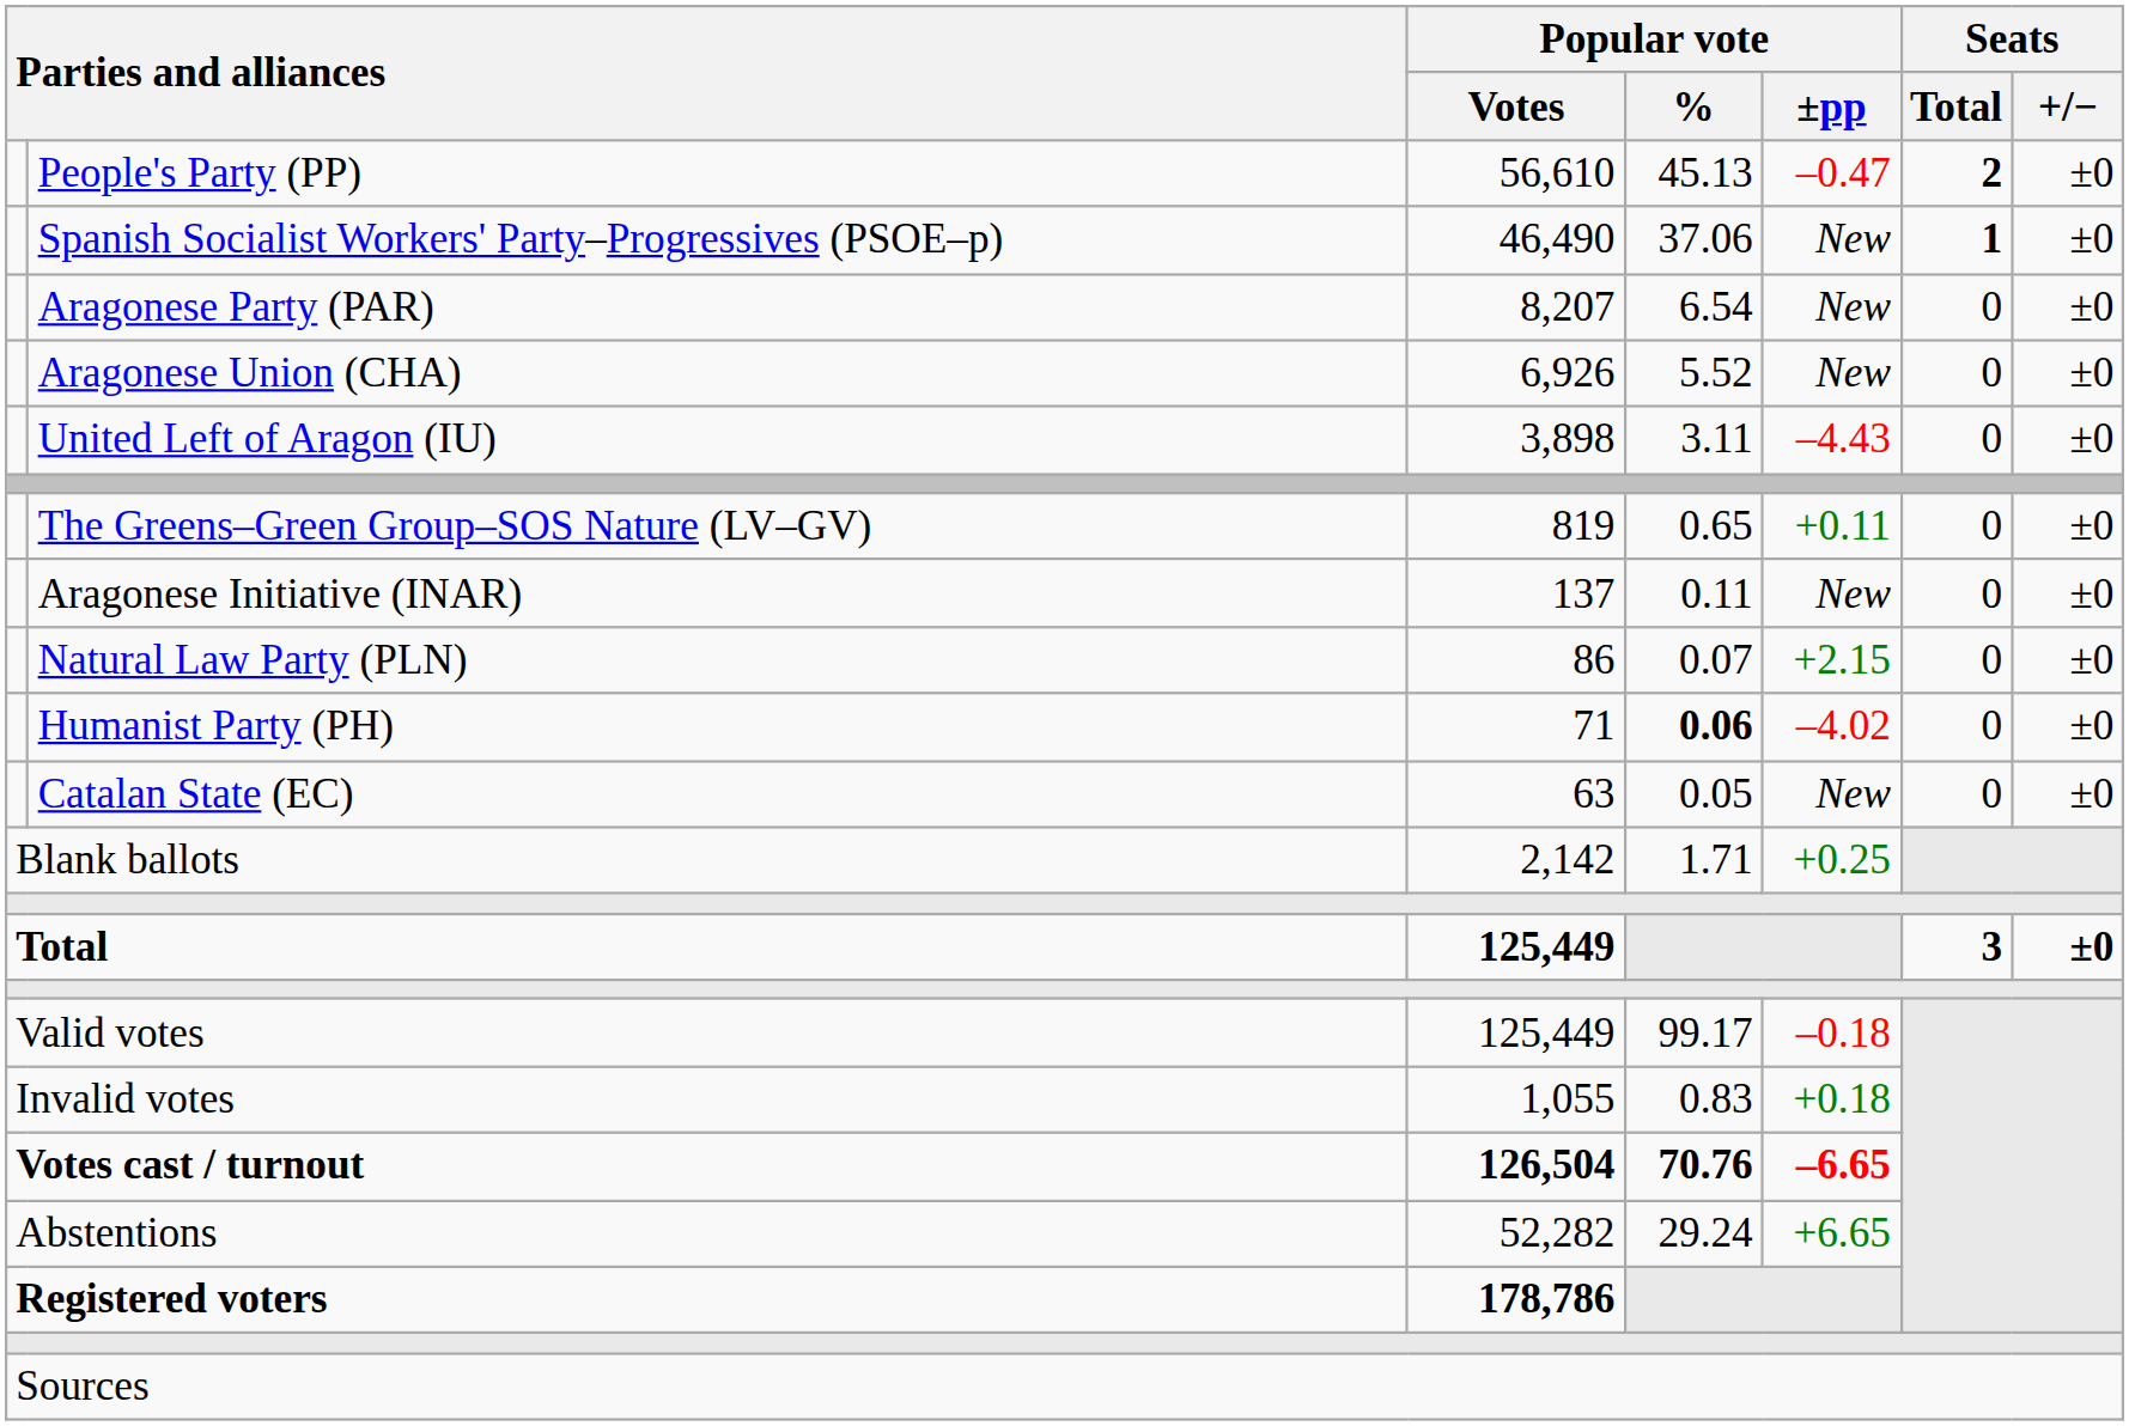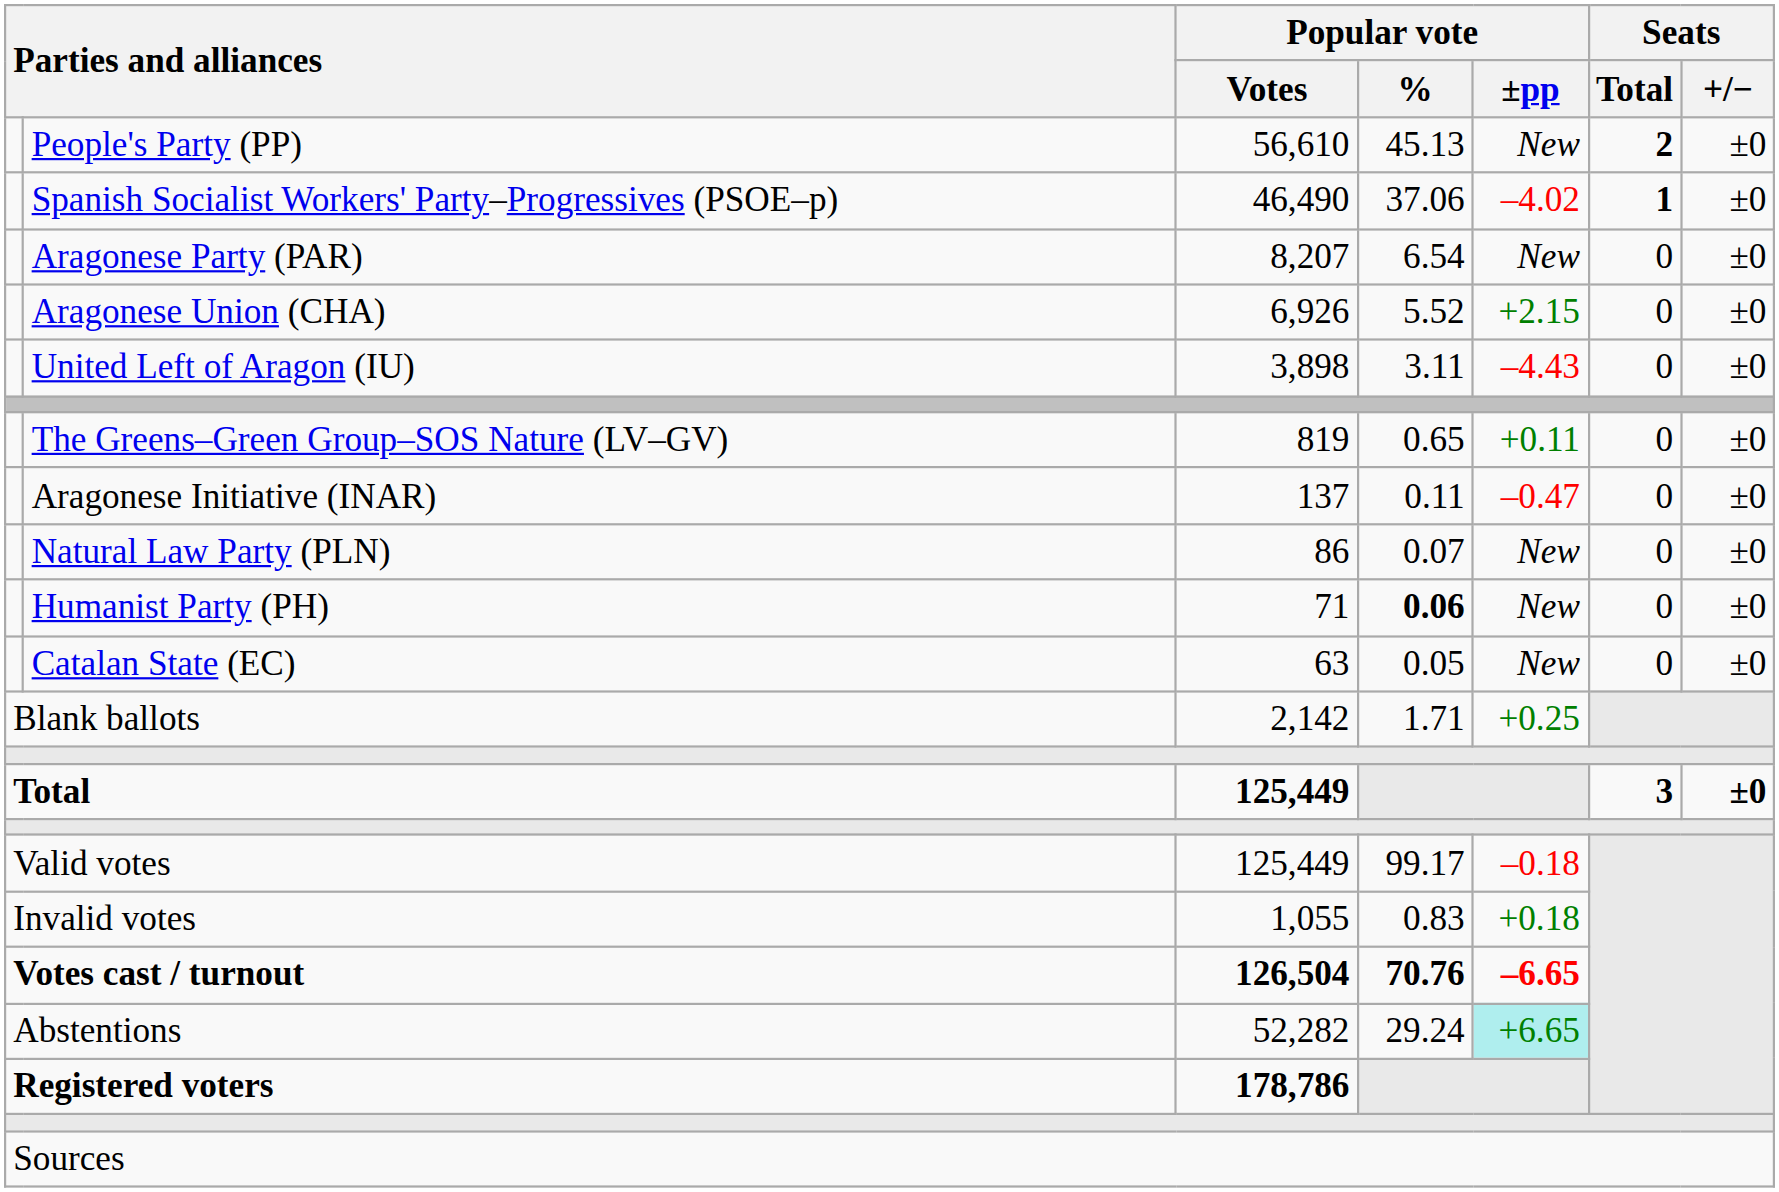 <table class="wikitable" style="text-align:right;">
 <tr>
 <th style="text-align:left;" rowspan="2" colspan="2" width="525">Parties and alliances</th>
 <th colspan="3">Popular vote</th>
 <th colspan="2">Seats</th>
 </tr>
 <tr>
 <th width="75">Votes</th>
 <th width="45">%</th>
 <th width="45">±<a href='#'>pp</a></th>
 <th width="35">Total</th>
 <th width="35">+/−</th>
 </tr>
 <tr>
 <td width="1" style="color:inherit;background:"></td>
 <td align="left"><a href='#'>People's Party</a> (PP)</td>
 <td>56,610</td>
 <td>45.13</td>
-<td style="color:red;">–0.47</td>
+<td><em>New</em></td>
 <td><strong>2</strong></td>
 <td>±0</td>
 </tr>
 <tr>
 <td style="color:inherit;background:"></td>
 <td align="left"><a href='#'>Spanish Socialist Workers' Party</a>–<a href='#'>Progressives</a> (PSOE–p)</td>
 <td>46,490</td>
 <td>37.06</td>
-<td><em>New</em></td>
+<td style="color:red;">–4.02</td>
 <td><strong>1</strong></td>
 <td>±0</td>
 </tr>
 <tr>
 <td style="color:inherit;background:"></td>
 <td align="left"><a href='#'>Aragonese Party</a> (PAR)</td>
 <td>8,207</td>
 <td>6.54</td>
 <td><em>New</em></td>
 <td>0</td>
 <td>±0</td>
 </tr>
 <tr>
 <td style="color:inherit;background:"></td>
 <td align="left"><a href='#'>Aragonese Union</a> (CHA)</td>
 <td>6,926</td>
 <td>5.52</td>
-<td><em>New</em></td>
+<td style="color:green;">+2.15</td>
 <td>0</td>
 <td>±0</td>
 </tr>
 <tr>
 <td style="color:inherit;background:"></td>
 <td align="left"><a href='#'>United Left of Aragon</a> (IU)</td>
 <td>3,898</td>
 <td>3.11</td>
 <td style="color:red;">–4.43</td>
 <td>0</td>
 <td>±0</td>
 </tr>
 <tr>
 <td colspan="7" bgcolor="#C0C0C0"></td>
 </tr>
 <tr>
 <td style="color:inherit;background:"></td>
 <td align="left"><a href='#'>The Greens–Green Group–SOS Nature</a> (LV–GV)</td>
 <td>819</td>
 <td>0.65</td>
 <td style="color:green;">+0.11</td>
 <td>0</td>
 <td>±0</td>
 </tr>
 <tr>
 <td style="color:inherit;background:"></td>
 <td align="left">Aragonese Initiative (INAR)</td>
 <td>137</td>
 <td>0.11</td>
-<td><em>New</em></td>
+<td style="color:red;">–0.47</td>
 <td>0</td>
 <td>±0</td>
 </tr>
 <tr>
 <td style="color:inherit;background:"></td>
 <td align="left"><a href='#'>Natural Law Party</a> (PLN)</td>
 <td>86</td>
 <td>0.07</td>
-<td style="color:green;">+2.15</td>
+<td><em>New</em></td>
 <td>0</td>
 <td>±0</td>
 </tr>
 <tr>
 <td style="color:inherit;background:"></td>
 <td align="left"><a href='#'>Humanist Party</a> (PH)</td>
 <td>71</td>
 <td><strong>0.06</strong></td>
-<td style="color:red;">–4.02</td>
+<td><em>New</em></td>
 <td>0</td>
 <td>±0</td>
 </tr>
 <tr>
 <td style="color:inherit;background:"></td>
 <td align="left"><a href='#'>Catalan State</a> (EC)</td>
 <td>63</td>
 <td>0.05</td>
 <td><em>New</em></td>
 <td>0</td>
 <td>±0</td>
 </tr>
 <tr>
 <td align="left" colspan="2">Blank ballots</td>
 <td>2,142</td>
 <td>1.71</td>
 <td style="color:green;">+0.25</td>
 <td bgcolor="#E9E9E9" colspan="2"></td>
 </tr>
 <tr>
 <td colspan="7" bgcolor="#E9E9E9"></td>
 </tr>
 <tr style="font-weight:bold;">
 <td align="left" colspan="2">Total</td>
 <td>125,449</td>
 <td bgcolor="#E9E9E9" colspan="2"></td>
 <td>3</td>
 <td>±0</td>
 </tr>
 <tr>
 <td colspan="7" bgcolor="#E9E9E9"></td>
 </tr>
 <tr>
 <td align="left" colspan="2">Valid votes</td>
 <td>125,449</td>
 <td>99.17</td>
 <td style="color:red;">–0.18</td>
 <td bgcolor="#E9E9E9" colspan="2" rowspan="5"></td>
 </tr>
 <tr>
 <td align="left" colspan="2">Invalid votes</td>
 <td>1,055</td>
 <td>0.83</td>
 <td style="color:green;">+0.18</td>
 </tr>
 <tr style="font-weight:bold;">
 <td align="left" colspan="2">Votes cast / turnout</td>
 <td>126,504</td>
 <td>70.76</td>
 <td style="color:red;">–6.65</td>
 </tr>
 <tr>
 <td align="left" colspan="2">Abstentions</td>
 <td>52,282</td>
 <td>29.24</td>
-<td style="color:green;">+6.65</td>
+<td style="background: paleturquoise; color:green;">+6.65</td>
 </tr>
 <tr style="font-weight:bold;">
 <td align="left" colspan="2">Registered voters</td>
 <td>178,786</td>
 <td bgcolor="#E9E9E9" colspan="2"></td>
 </tr>
 <tr>
 <td colspan="7" bgcolor="#E9E9E9"></td>
 </tr>
 <tr>
 <td align="left" colspan="7">Sources</td>
 </tr>
 </table>
